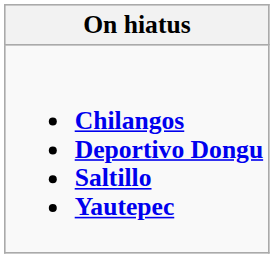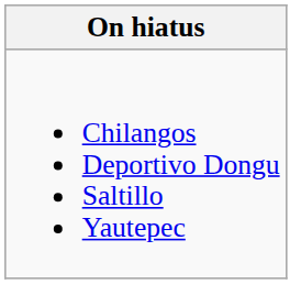 <table class="wikitable">
 <tr>
 <th>On hiatus</th>
 </tr>
 <tr>
-<td><strong><br><ul><li><a href='#'>Chilangos</a></li><li><a href='#'>Deportivo Dongu</a></li><li><a href='#'>Saltillo</a></li><li><a href='#'>Yautepec</a></li></ul></strong></td>
+<td><br><ul><li><a href='#'>Chilangos</a></li><li><a href='#'>Deportivo Dongu</a></li><li><a href='#'>Saltillo</a></li><li><a href='#'>Yautepec</a></li></ul></td>
 </tr>
 </table>
